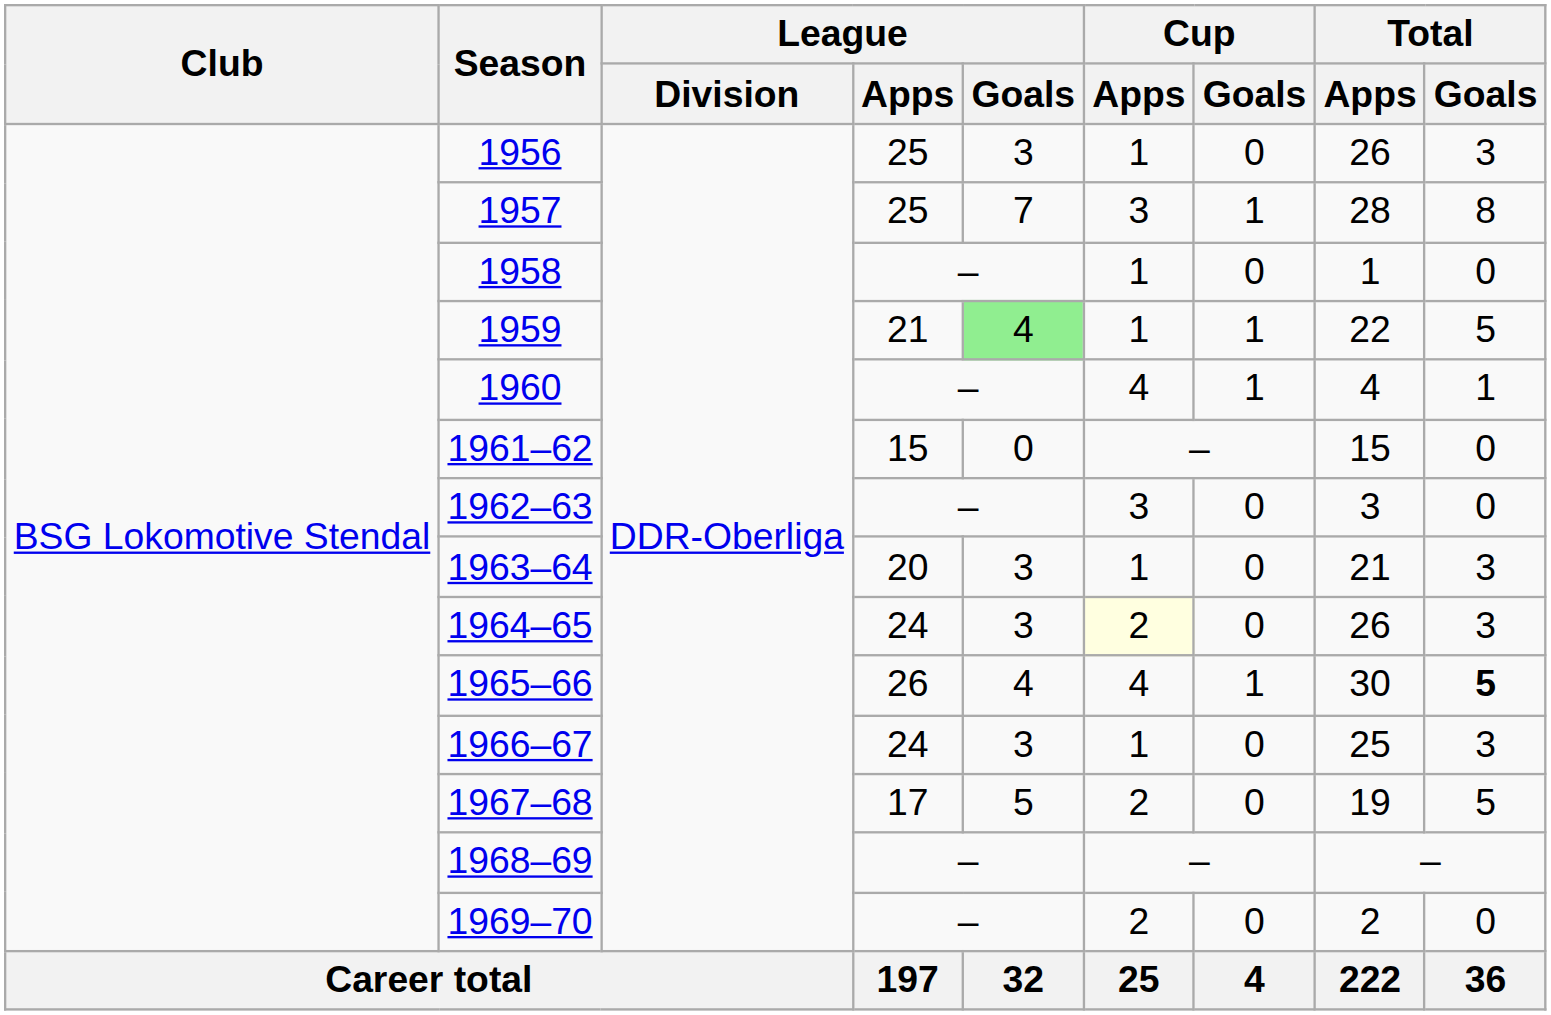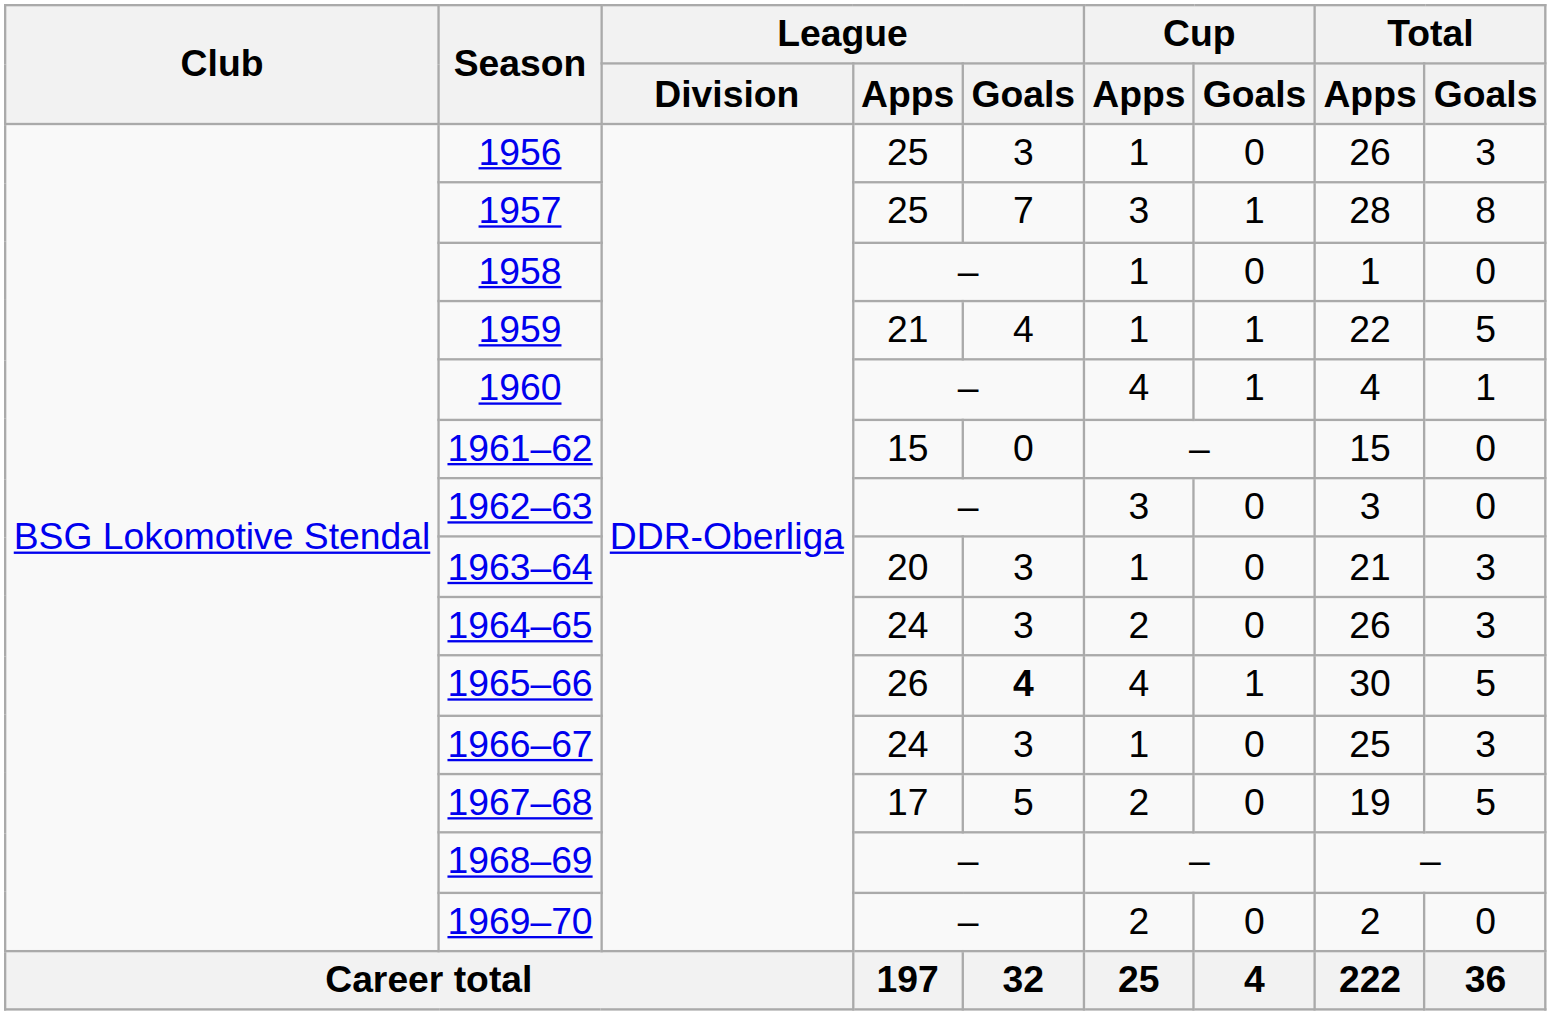 <table class="wikitable" style="text-align:center">
 <tr>
 <th rowspan="2">Club</th>
 <th rowspan="2">Season</th>
 <th colspan="3">League</th>
 <th colspan="2">Cup</th>
 <th colspan="2">Total</th>
 </tr>
 <tr>
 <th>Division</th>
 <th>Apps</th>
 <th>Goals</th>
 <th>Apps</th>
 <th>Goals</th>
 <th>Apps</th>
 <th>Goals</th>
 </tr>
 <tr>
 <td rowspan="14"><a href='#'>BSG Lokomotive Stendal</a></td>
 <td><a href='#'>1956</a></td>
 <td rowspan="14"><a href='#'>DDR-Oberliga</a></td>
 <td>25</td>
 <td>3</td>
 <td>1</td>
 <td>0</td>
 <td>26</td>
 <td>3</td>
 </tr>
 <tr>
 <td><a href='#'>1957</a></td>
 <td>25</td>
 <td>7</td>
 <td>3</td>
 <td>1</td>
 <td>28</td>
 <td>8</td>
 </tr>
 <tr>
 <td><a href='#'>1958</a></td>
 <td colspan="2">–</td>
 <td>1</td>
 <td>0</td>
 <td>1</td>
 <td>0</td>
 </tr>
 <tr>
 <td><a href='#'>1959</a></td>
 <td>21</td>
-<td style="background: lightgreen;">4</td>
+<td>4</td>
 <td>1</td>
 <td>1</td>
 <td>22</td>
 <td>5</td>
 </tr>
 <tr>
 <td><a href='#'>1960</a></td>
 <td colspan="2">–</td>
 <td>4</td>
 <td>1</td>
 <td>4</td>
 <td>1</td>
 </tr>
 <tr>
 <td><a href='#'>1961–62</a></td>
 <td>15</td>
 <td>0</td>
 <td colspan="2">–</td>
 <td>15</td>
 <td>0</td>
 </tr>
 <tr>
 <td><a href='#'>1962–63</a></td>
 <td colspan="2">–</td>
 <td>3</td>
 <td>0</td>
 <td>3</td>
 <td>0</td>
 </tr>
 <tr>
 <td><a href='#'>1963–64</a></td>
 <td>20</td>
 <td>3</td>
 <td>1</td>
 <td>0</td>
 <td>21</td>
 <td>3</td>
 </tr>
 <tr>
 <td><a href='#'>1964–65</a></td>
 <td>24</td>
 <td>3</td>
-<td style="background: lightyellow;">2</td>
+<td>2</td>
 <td>0</td>
 <td>26</td>
 <td>3</td>
 </tr>
 <tr>
 <td><a href='#'>1965–66</a></td>
 <td>26</td>
-<td>4</td>
+<td><strong>4</strong></td>
 <td>4</td>
 <td>1</td>
 <td>30</td>
-<td><strong>5</strong></td>
+<td>5</td>
 </tr>
 <tr>
 <td><a href='#'>1966–67</a></td>
 <td>24</td>
 <td>3</td>
 <td>1</td>
 <td>0</td>
 <td>25</td>
 <td>3</td>
 </tr>
 <tr>
 <td><a href='#'>1967–68</a></td>
 <td>17</td>
 <td>5</td>
 <td>2</td>
 <td>0</td>
 <td>19</td>
 <td>5</td>
 </tr>
 <tr>
 <td><a href='#'>1968–69</a></td>
 <td colspan="2">–</td>
 <td colspan="2">–</td>
 <td colspan="2">–</td>
 </tr>
 <tr>
 <td><a href='#'>1969–70</a></td>
 <td colspan="2">–</td>
 <td>2</td>
 <td>0</td>
 <td>2</td>
 <td>0</td>
 </tr>
 <tr>
 <th colspan="3">Career total</th>
 <th>197</th>
 <th>32</th>
 <th>25</th>
 <th>4</th>
 <th>222</th>
 <th>36</th>
 </tr>
 </table>
